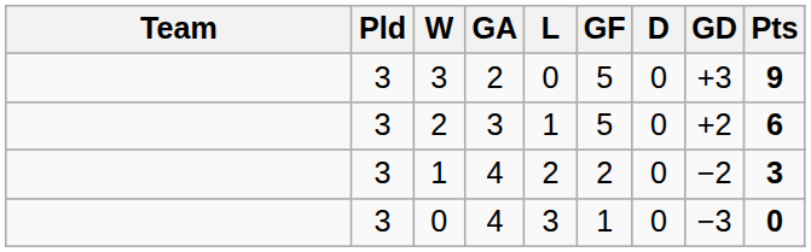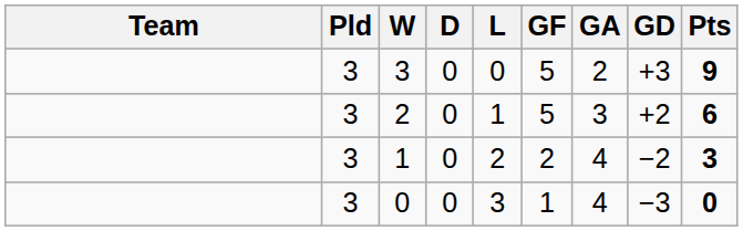 <table class="wikitable" style="text-align:center;">
 <tr>
 <th width=175>Team</th>
 <th width=20 abbr="Played">Pld</th>
 <th width=20 abbr="Won">W</th>
-<th width=20 abbr="Goals against">GA</th>
+<th width=20 abbr="Drawn">D</th>
 <th width=20 abbr="Lost">L</th>
 <th width=20 abbr="Goals for">GF</th>
-<th width=20 abbr="Drawn">D</th>
+<th width=20 abbr="Goals against">GA</th>
 <th width=20 abbr="Goal difference">GD</th>
 <th width=20 abbr="Points">Pts</th>
 </tr>
 <tr style=>
 <td style="text-align:left;"></td>
 <td>3</td>
 <td>3</td>
-<td>2</td>
+<td>0</td>
 <td>0</td>
 <td>5</td>
-<td>0</td>
+<td>2</td>
 <td>+3</td>
 <td><strong>9</strong></td>
 </tr>
 <tr>
 <td style="text-align:left;"></td>
 <td>3</td>
 <td>2</td>
-<td>3</td>
+<td>0</td>
 <td>1</td>
 <td>5</td>
-<td>0</td>
+<td>3</td>
 <td>+2</td>
 <td><strong>6</strong></td>
 </tr>
 <tr>
 <td style="text-align:left;"></td>
 <td>3</td>
 <td>1</td>
-<td>4</td>
+<td>0</td>
 <td>2</td>
 <td>2</td>
-<td>0</td>
+<td>4</td>
 <td>−2</td>
 <td><strong>3</strong></td>
 </tr>
 <tr>
 <td style="text-align:left;"></td>
 <td>3</td>
 <td>0</td>
-<td>4</td>
+<td>0</td>
 <td>3</td>
 <td>1</td>
-<td>0</td>
+<td>4</td>
 <td>−3</td>
 <td><strong>0</strong></td>
 </tr>
 </table>
